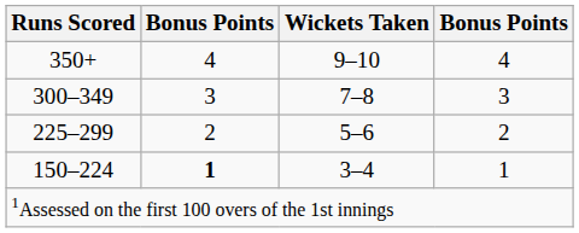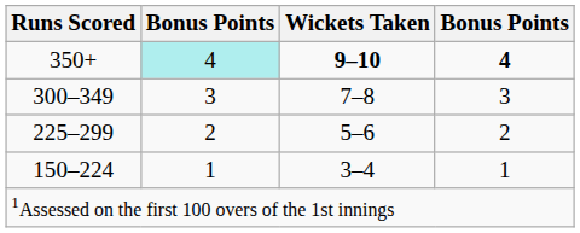 <table class="wikitable" style="margin: 1em auto 1em auto">
 <tr>
 <th>Runs Scored</th>
 <th>Bonus Points</th>
 <th>Wickets Taken</th>
 <th>Bonus Points</th>
 </tr>
 <tr>
 <td style="text-align:center;">350+</td>
-<td style="text-align:center;">4</td>
-<td style="text-align:center;">9–10</td>
-<td style="text-align:center;">4</td>
+<td style="background: paleturquoise; text-align:center;">4</td>
+<td style="text-align:center;"><strong>9–10</strong></td>
+<td style="text-align:center;"><strong>4</strong></td>
 </tr>
 <tr>
 <td style="text-align:center;">300–349</td>
 <td style="text-align:center;">3</td>
 <td style="text-align:center;">7–8</td>
 <td style="text-align:center;">3</td>
 </tr>
 <tr>
 <td style="text-align:center;">225–299</td>
 <td style="text-align:center;">2</td>
 <td style="text-align:center;">5–6</td>
 <td style="text-align:center;">2</td>
 </tr>
 <tr>
 <td style="text-align:center;">150–224</td>
-<td style="text-align:center;"><strong>1</strong></td>
+<td style="text-align:center;">1</td>
 <td style="text-align:center;">3–4</td>
 <td style="text-align:center;">1</td>
 </tr>
 <tr>
 <td colspan="4"><small><sup>1</sup>Assessed on the first 100 overs of the 1st innings</small></td>
 </tr>
 </table>
